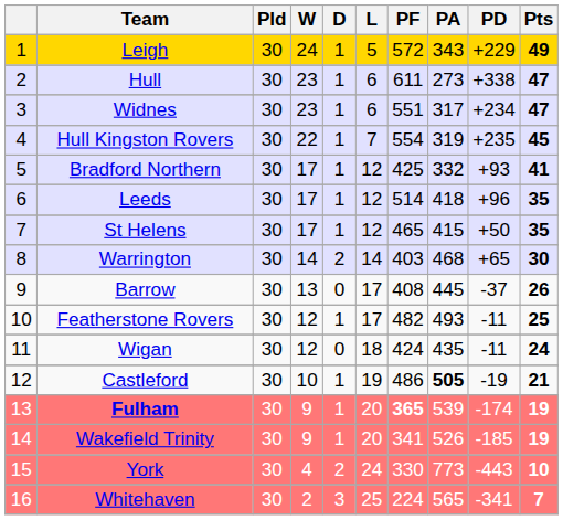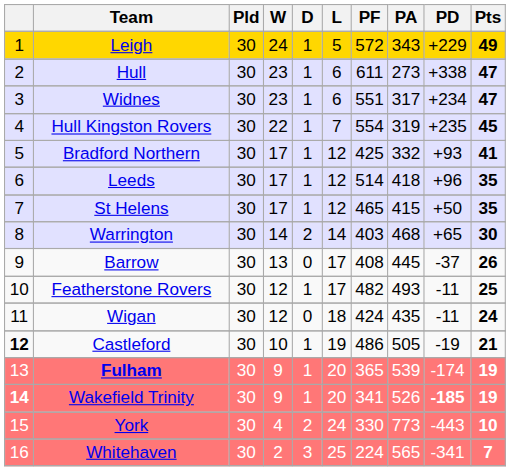 <table class="wikitable defaultcenter col2left" style="text-align:center;">
 <tr>
 <th width=20 abbr="Position"></th>
 <th width=175>Team</th>
 <th width=20 abbr="Played">Pld</th>
 <th width=20 abbr="Won">W</th>
 <th width=20 abbr="Drawn">D</th>
 <th width=20 abbr="Lost">L</th>
 <th width=20 abbr="Points for">PF</th>
 <th width=20 abbr="Points against">PA</th>
 <th width=20 abbr="Points difference">PD</th>
 <th width=20 abbr="Points">Pts</th>
 </tr>
 <tr>
 </tr>
 <tr style="background:#FFD700;">
 <td>1</td>
 <td> <a href='#'>Leigh</a></td>
 <td>30</td>
 <td>24</td>
 <td>1</td>
 <td>5</td>
 <td>572</td>
 <td>343</td>
 <td>+229</td>
 <td><strong>49</strong></td>
 </tr>
 <tr --->
 </tr>
 <tr style="background:#e1e1ff;">
 <td>2</td>
 <td> <a href='#'>Hull</a></td>
 <td>30</td>
 <td>23</td>
 <td>1</td>
 <td>6</td>
 <td>611</td>
 <td>273</td>
 <td>+338</td>
 <td><strong>47</strong></td>
 </tr>
 <tr --->
 </tr>
 <tr style="background:#e1e1ff;">
 <td>3</td>
 <td> <a href='#'>Widnes</a></td>
 <td>30</td>
 <td>23</td>
 <td>1</td>
 <td>6</td>
 <td>551</td>
 <td>317</td>
 <td>+234</td>
 <td><strong>47</strong></td>
 </tr>
 <tr --->
 </tr>
 <tr style="background:#e1e1ff;">
 <td>4</td>
 <td> <a href='#'>Hull Kingston Rovers</a></td>
 <td>30</td>
 <td>22</td>
 <td>1</td>
 <td>7</td>
 <td>554</td>
 <td>319</td>
 <td>+235</td>
 <td><strong>45</strong></td>
 </tr>
 <tr --->
 </tr>
 <tr style="background:#e1e1ff;">
 <td>5</td>
 <td> <a href='#'>Bradford Northern</a></td>
 <td>30</td>
 <td>17</td>
 <td>1</td>
 <td>12</td>
 <td>425</td>
 <td>332</td>
 <td>+93</td>
 <td><strong>41</strong></td>
 </tr>
 <tr --->
 </tr>
 <tr style="background:#e1e1ff;">
 <td>6</td>
 <td> <a href='#'>Leeds</a></td>
 <td>30</td>
 <td>17</td>
 <td>1</td>
 <td>12</td>
 <td>514</td>
 <td>418</td>
 <td>+96</td>
 <td><strong>35</strong></td>
 </tr>
 <tr --->
 </tr>
 <tr style="background:#e1e1ff;">
 <td>7</td>
 <td> <a href='#'>St Helens</a></td>
 <td>30</td>
 <td>17</td>
 <td>1</td>
 <td>12</td>
 <td>465</td>
 <td>415</td>
 <td>+50</td>
 <td><strong>35</strong></td>
 </tr>
 <tr --->
 </tr>
 <tr style="background:#e1e1ff;">
 <td>8</td>
 <td> <a href='#'>Warrington</a></td>
 <td>30</td>
 <td>14</td>
 <td>2</td>
 <td>14</td>
 <td>403</td>
 <td>468</td>
 <td>+65</td>
 <td><strong>30</strong></td>
 </tr>
 <tr --->
 </tr>
 <tr style="background:">
 <td>9</td>
 <td> <a href='#'>Barrow</a></td>
 <td>30</td>
 <td>13</td>
 <td>0</td>
 <td>17</td>
 <td>408</td>
 <td>445</td>
 <td>-37</td>
 <td><strong>26</strong></td>
 </tr>
 <tr --->
 </tr>
 <tr style="background:">
 <td>10</td>
 <td> <a href='#'>Featherstone Rovers</a></td>
 <td>30</td>
 <td>12</td>
 <td>1</td>
 <td>17</td>
 <td>482</td>
 <td>493</td>
 <td>-11</td>
 <td><strong>25</strong></td>
 </tr>
 <tr --->
 </tr>
 <tr style="background:">
 <td>11</td>
 <td> <a href='#'>Wigan</a></td>
 <td>30</td>
 <td>12</td>
 <td>0</td>
 <td>18</td>
 <td>424</td>
 <td>435</td>
 <td>-11</td>
 <td><strong>24</strong></td>
 </tr>
 <tr --->
 </tr>
 <tr style="background:">
-<td>12</td>
+<td><strong>12</strong></td>
 <td> <a href='#'>Castleford</a></td>
 <td>30</td>
 <td>10</td>
 <td>1</td>
 <td>19</td>
 <td>486</td>
-<td><strong>505</strong></td>
+<td>505</td>
 <td>-19</td>
 <td><strong>21</strong></td>
 </tr>
 <tr --->
 </tr>
 <tr style="background:#ff7777;color:white">
 <td>13</td>
 <td> <strong><a href='#'>Fulham</a></strong></td>
 <td>30</td>
 <td>9</td>
 <td>1</td>
 <td>20</td>
-<td><strong>365</strong></td>
+<td>365</td>
 <td>539</td>
 <td>-174</td>
 <td><strong>19</strong></td>
 </tr>
 <tr --->
 </tr>
 <tr style="background:#ff7777;color:white">
-<td>14</td>
+<td><strong>14</strong></td>
 <td> <a href='#'>Wakefield Trinity</a></td>
 <td>30</td>
 <td>9</td>
 <td>1</td>
 <td>20</td>
 <td>341</td>
 <td>526</td>
-<td>-185</td>
+<td><strong>-185</strong></td>
 <td><strong>19</strong></td>
 </tr>
 <tr --->
 </tr>
 <tr style="background:#ff7777;color:white">
 <td>15</td>
 <td> <a href='#'>York</a></td>
 <td>30</td>
 <td>4</td>
 <td>2</td>
 <td>24</td>
 <td>330</td>
 <td>773</td>
 <td>-443</td>
 <td><strong>10</strong></td>
 </tr>
 <tr --->
 </tr>
 <tr style="background:#ff7777;color:white">
 <td>16</td>
 <td> <a href='#'>Whitehaven</a></td>
 <td>30</td>
 <td>2</td>
 <td>3</td>
 <td>25</td>
 <td>224</td>
 <td>565</td>
 <td>-341</td>
 <td><strong>7</strong></td>
 </tr>
 <tr --->
 </tr>
 </table>
